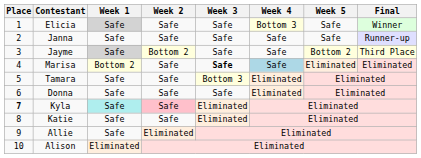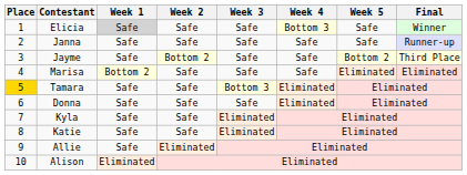 <table class="wikitable" style="text-align:center;">
 <tr>
 <th>Place</th>
 <th>Contestant</th>
 <th>Week 1</th>
 <th>Week 2</th>
 <th>Week 3</th>
 <th>Week 4</th>
 <th>Week 5</th>
 <th>Final</th>
 </tr>
 <tr>
 <td>1</td>
 <td>Elicia</td>
 <td style="background: lightgrey;">Safe</td>
 <td>Safe</td>
 <td>Safe</td>
 <td style="background:#ffffdd;">Bottom 3</td>
 <td>Safe</td>
 <td style="background:#ddffdd;">Winner</td>
 </tr>
 <tr>
 <td>2</td>
 <td>Janna</td>
 <td>Safe</td>
 <td>Safe</td>
 <td>Safe</td>
 <td>Safe</td>
 <td>Safe</td>
 <td style="background:#dfdfff;">Runner-up</td>
 </tr>
 <tr>
 <td>3</td>
 <td>Jayme</td>
-<td style="background: lightgrey;">Safe</td>
+<td>Safe</td>
 <td style="background:#ffffdd;">Bottom 2</td>
 <td>Safe</td>
 <td>Safe</td>
 <td style="background:#ffffdd;">Bottom 2</td>
 <td style="background:#ffffdd;">Third Place</td>
 </tr>
 <tr>
 <td>4</td>
 <td>Marisa</td>
 <td style="background:#ffffdd;">Bottom 2</td>
 <td>Safe</td>
-<td><strong>Safe</strong></td>
-<td style="background: lightblue;">Safe</td>
+<td>Safe</td>
+<td>Safe</td>
 <td style="background:#ffeedd;">Eliminated</td>
 <td style="background:#ffdddd;">Eliminated</td>
 </tr>
 <tr>
-<td>5</td>
+<td style="background: gold;">5</td>
 <td>Tamara</td>
 <td>Safe</td>
 <td>Safe</td>
 <td style="background:#ffffdd;">Bottom 3</td>
 <td style="background:#ffeedd;">Eliminated</td>
 <td style="background:#ffdddd;" colspan="3">Eliminated</td>
 </tr>
 <tr>
 <td>6</td>
 <td>Donna</td>
 <td>Safe</td>
 <td>Safe</td>
 <td>Safe</td>
 <td style="background:#ffeedd;">Eliminated</td>
 <td style="background:#ffdddd;" colspan="3">Eliminated</td>
 </tr>
 <tr>
-<td><strong>7</strong></td>
+<td>7</td>
 <td>Kyla</td>
-<td style="background: paleturquoise;">Safe</td>
-<td style="background: pink;">Safe</td>
+<td>Safe</td>
+<td>Safe</td>
 <td style="background:#ffeedd;">Eliminated</td>
 <td style="background:#ffdddd;" colspan="5">Eliminated</td>
 </tr>
 <tr>
 <td>8</td>
 <td>Katie</td>
 <td>Safe</td>
 <td>Safe</td>
 <td style="background:#ffeedd;">Eliminated</td>
 <td style="background:#ffdddd;" colspan="5">Eliminated</td>
 </tr>
 <tr>
 <td>9</td>
 <td>Allie</td>
 <td>Safe</td>
 <td style="background:#ffeedd;">Eliminated</td>
 <td style="background:#ffdddd;" colspan="6">Eliminated</td>
 </tr>
 <tr>
 <td>10</td>
 <td>Alison</td>
 <td style="background:#ffeedd;">Eliminated</td>
 <td style="background:#ffdddd;" colspan="7">Eliminated</td>
 </tr>
 </table>
